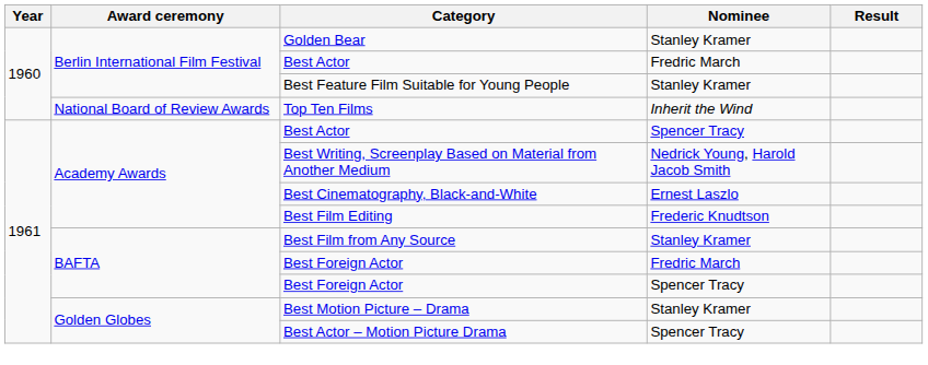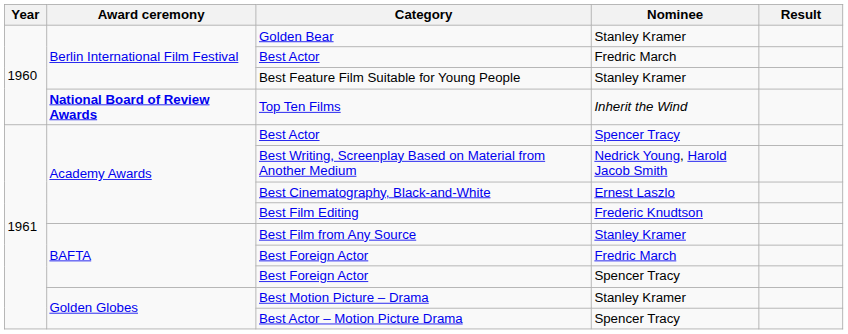 <table class="wikitable" width="80%">
 <tr>
 <th width="5%">Year</th>
 <th width="25%">Award ceremony</th>
 <th width="40%">Category</th>
 <th width="20%">Nominee</th>
 <th width="10%">Result</th>
 </tr>
 <tr>
 <td rowspan="4">1960</td>
 <td rowspan="3"><a href='#'>Berlin International Film Festival</a></td>
 <td><a href='#'>Golden Bear</a></td>
 <td>Stanley Kramer</td>
 <td></td>
 </tr>
 <tr>
 <td><a href='#'>Best Actor</a></td>
 <td>Fredric March</td>
 <td></td>
 </tr>
 <tr>
 <td>Best Feature Film Suitable for Young People</td>
 <td>Stanley Kramer</td>
 <td></td>
 </tr>
 <tr>
-<td><a href='#'>National Board of Review Awards</a></td>
+<td><strong><a href='#'>National Board of Review Awards</a></strong></td>
 <td><a href='#'>Top Ten Films</a></td>
 <td><em>Inherit the Wind</em></td>
 <td></td>
 </tr>
 <tr>
 <td rowspan="9">1961</td>
 <td rowspan=4><a href='#'>Academy Awards</a></td>
 <td><a href='#'>Best Actor</a></td>
 <td><a href='#'>Spencer Tracy</a></td>
 <td></td>
 </tr>
 <tr>
 <td><a href='#'>Best Writing, Screenplay Based on Material from Another Medium</a></td>
 <td><a href='#'>Nedrick Young</a>, <a href='#'>Harold Jacob Smith</a></td>
 <td></td>
 </tr>
 <tr>
 <td><a href='#'>Best Cinematography, Black-and-White</a></td>
 <td><a href='#'>Ernest Laszlo</a></td>
 <td></td>
 </tr>
 <tr>
 <td><a href='#'>Best Film Editing</a></td>
 <td><a href='#'>Frederic Knudtson</a></td>
 <td></td>
 </tr>
 <tr>
 <td rowspan=3><a href='#'>BAFTA</a></td>
 <td><a href='#'>Best Film from Any Source</a></td>
 <td><a href='#'>Stanley Kramer</a></td>
 <td></td>
 </tr>
 <tr>
 <td><a href='#'>Best Foreign Actor</a></td>
 <td><a href='#'>Fredric March</a></td>
 <td></td>
 </tr>
 <tr>
 <td><a href='#'>Best Foreign Actor</a></td>
 <td>Spencer Tracy</td>
 <td></td>
 </tr>
 <tr>
 <td rowspan=2><a href='#'>Golden Globes</a></td>
 <td><a href='#'>Best Motion Picture – Drama</a></td>
 <td>Stanley Kramer</td>
 <td></td>
 </tr>
 <tr>
 <td><a href='#'>Best Actor – Motion Picture Drama</a></td>
 <td>Spencer Tracy</td>
 <td></td>
 </tr>
 </table>
